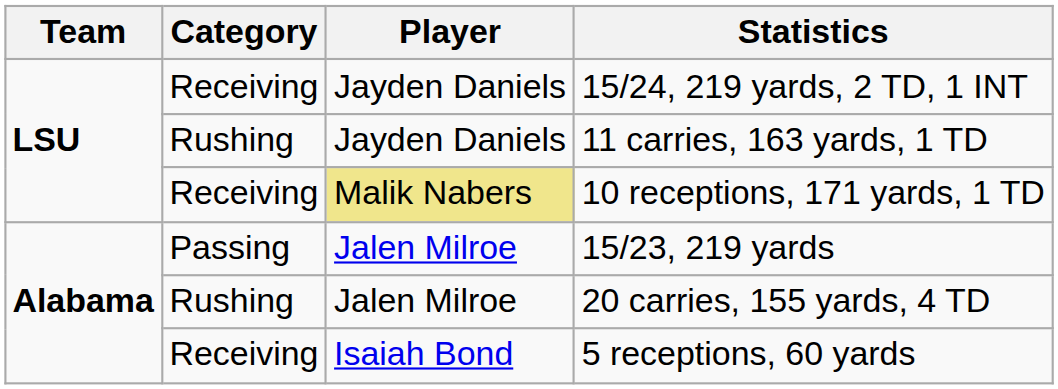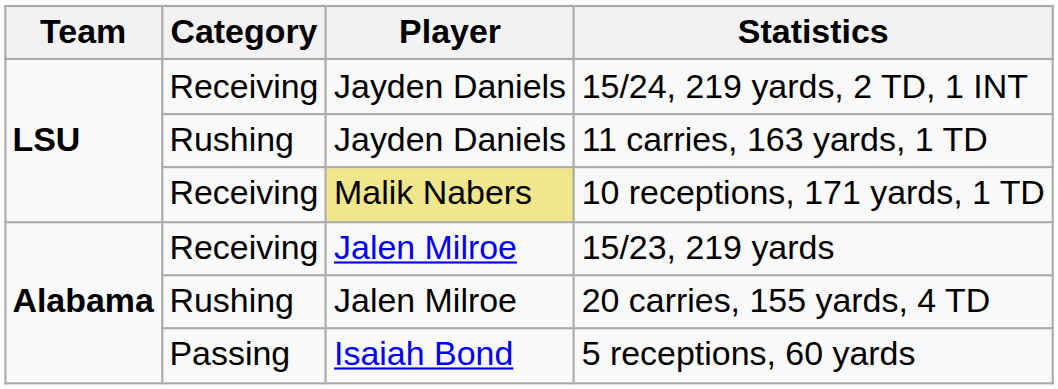 <table class="wikitable" style="float: right;">
 <tr>
 <th>Team</th>
 <th>Category</th>
 <th>Player</th>
 <th>Statistics</th>
 </tr>
 <tr>
 <td rowspan=3><strong>LSU</strong></td>
 <td>Receiving</td>
 <td>Jayden Daniels</td>
 <td>15/24, 219 yards, 2 TD, 1 INT</td>
 </tr>
 <tr>
 <td>Rushing</td>
 <td>Jayden Daniels</td>
 <td>11 carries, 163 yards, 1 TD</td>
 </tr>
 <tr>
 <td>Receiving</td>
 <td style="background: khaki;">Malik Nabers</td>
 <td>10 receptions, 171 yards, 1 TD</td>
 </tr>
 <tr>
 <td rowspan=3><strong>Alabama</strong></td>
-<td>Passing</td>
+<td>Receiving</td>
 <td><a href='#'>Jalen Milroe</a></td>
 <td>15/23, 219 yards</td>
 </tr>
 <tr>
 <td>Rushing</td>
 <td>Jalen Milroe</td>
 <td>20 carries, 155 yards, 4 TD</td>
 </tr>
 <tr>
-<td>Receiving</td>
+<td>Passing</td>
 <td><a href='#'>Isaiah Bond</a></td>
 <td>5 receptions, 60 yards</td>
 </tr>
 </table>
